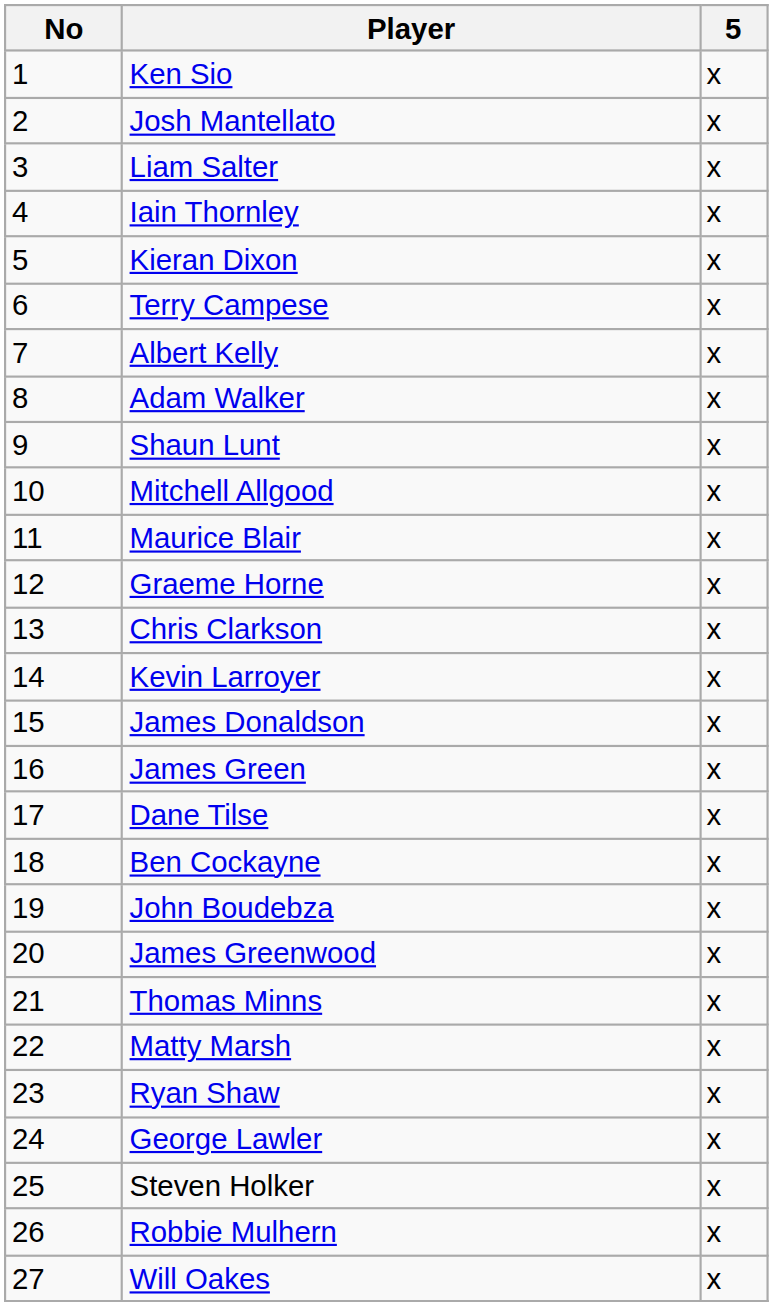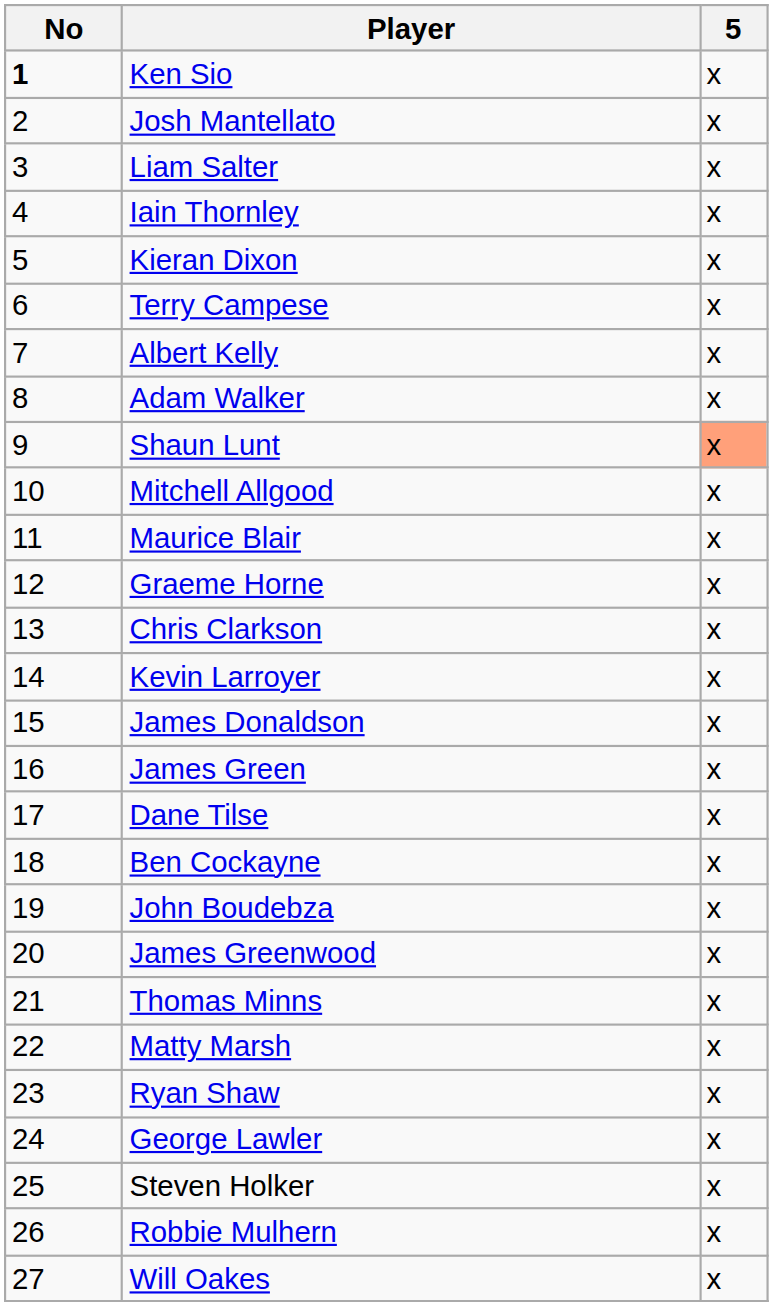 <table class="wikitable" style="font-size:85%;" width="40%">
 <tr>
 <th>No</th>
 <th>Player</th>
 <th>5</th>
 </tr>
 <tr>
-<td>1</td>
+<td><strong>1</strong></td>
 <td><a href='#'>Ken Sio</a></td>
 <td>x</td>
 </tr>
 <tr>
 <td>2</td>
 <td><a href='#'>Josh Mantellato</a></td>
 <td>x</td>
 </tr>
 <tr>
 <td>3</td>
 <td><a href='#'>Liam Salter</a></td>
 <td>x</td>
 </tr>
 <tr>
 <td>4</td>
 <td><a href='#'>Iain Thornley</a></td>
 <td>x</td>
 </tr>
 <tr>
 <td>5</td>
 <td><a href='#'>Kieran Dixon</a></td>
 <td>x</td>
 </tr>
 <tr>
 <td>6</td>
 <td><a href='#'>Terry Campese</a></td>
 <td>x</td>
 </tr>
 <tr>
 <td>7</td>
 <td><a href='#'>Albert Kelly</a></td>
 <td>x</td>
 </tr>
 <tr>
 <td>8</td>
 <td><a href='#'>Adam Walker</a></td>
 <td>x</td>
 </tr>
 <tr>
 <td>9</td>
 <td><a href='#'>Shaun Lunt</a></td>
-<td>x</td>
+<td style="background: lightsalmon;">x</td>
 </tr>
 <tr>
 <td>10</td>
 <td><a href='#'>Mitchell Allgood</a></td>
 <td>x</td>
 </tr>
 <tr>
 <td>11</td>
 <td><a href='#'>Maurice Blair</a></td>
 <td>x</td>
 </tr>
 <tr>
 <td>12</td>
 <td><a href='#'>Graeme Horne</a></td>
 <td>x</td>
 </tr>
 <tr>
 <td>13</td>
 <td><a href='#'>Chris Clarkson</a></td>
 <td>x</td>
 </tr>
 <tr>
 <td>14</td>
 <td><a href='#'>Kevin Larroyer</a></td>
 <td>x</td>
 </tr>
 <tr>
 <td>15</td>
 <td><a href='#'>James Donaldson</a></td>
 <td>x</td>
 </tr>
 <tr>
 <td>16</td>
 <td><a href='#'>James Green</a></td>
 <td>x</td>
 </tr>
 <tr>
 <td>17</td>
 <td><a href='#'>Dane Tilse</a></td>
 <td>x</td>
 </tr>
 <tr>
 <td>18</td>
 <td><a href='#'>Ben Cockayne</a></td>
 <td>x</td>
 </tr>
 <tr>
 <td>19</td>
 <td><a href='#'>John Boudebza</a></td>
 <td>x</td>
 </tr>
 <tr>
 <td>20</td>
 <td><a href='#'>James Greenwood</a></td>
 <td>x</td>
 </tr>
 <tr>
 <td>21</td>
 <td><a href='#'>Thomas Minns</a></td>
 <td>x</td>
 </tr>
 <tr>
 <td>22</td>
 <td><a href='#'>Matty Marsh</a></td>
 <td>x</td>
 </tr>
 <tr>
 <td>23</td>
 <td><a href='#'>Ryan Shaw</a></td>
 <td>x</td>
 </tr>
 <tr>
 <td>24</td>
 <td><a href='#'>George Lawler</a></td>
 <td>x</td>
 </tr>
 <tr>
 <td>25</td>
 <td>Steven Holker</td>
 <td>x</td>
 </tr>
 <tr>
 <td>26</td>
 <td><a href='#'>Robbie Mulhern</a></td>
 <td>x</td>
 </tr>
 <tr>
 <td>27</td>
 <td><a href='#'>Will Oakes</a></td>
 <td>x</td>
 </tr>
 <tr>
 </tr>
 </table>
